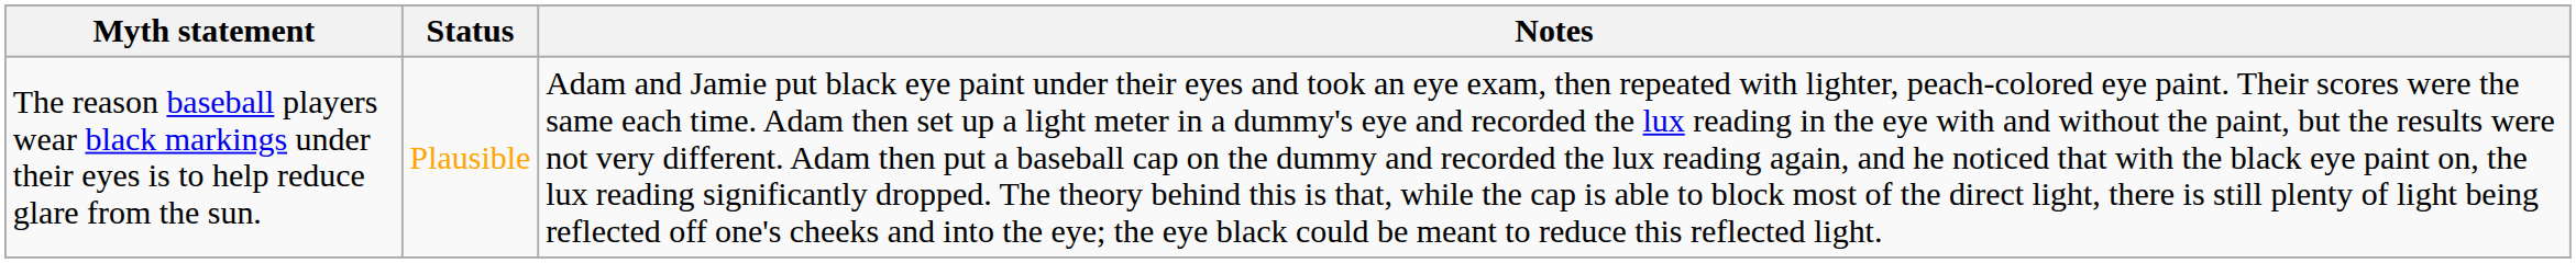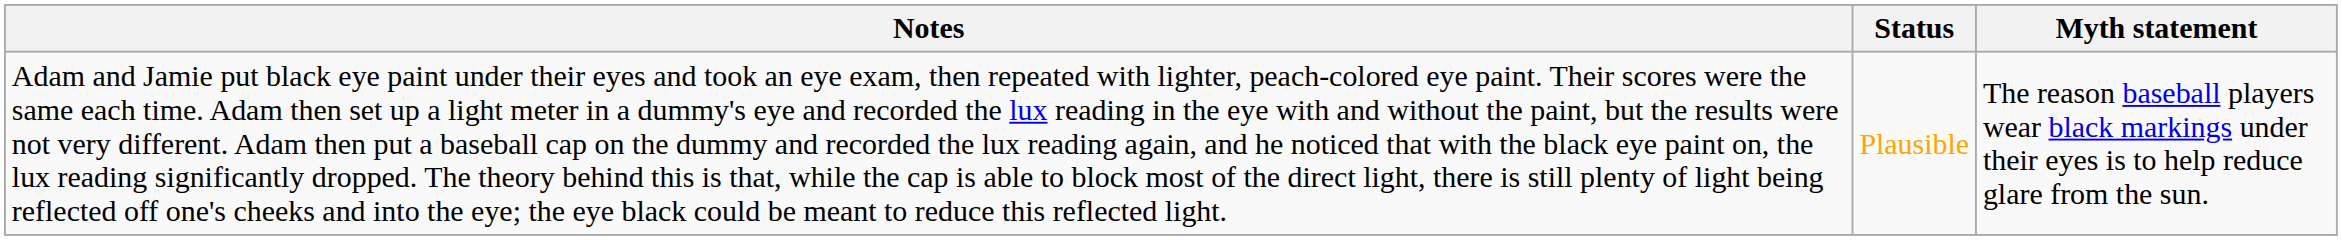 <table class="wikitable plainrowheaders">
 <tr>
+<th>Notes</th>
+<th>Status</th>
 <th>Myth statement</th>
-<th>Status</th>
-<th>Notes</th>
 </tr>
 <tr>
+<td>Adam and Jamie put black eye paint under their eyes and took an eye exam, then repeated with lighter, peach-colored eye paint. Their scores were the same each time. Adam then set up a light meter in a dummy's eye and recorded the <a href='#'>lux</a> reading in the eye with and without the paint, but the results were not very different. Adam then put a baseball cap on the dummy and recorded the lux reading again, and he noticed that with the black eye paint on, the lux reading significantly dropped. The theory behind this is that, while the cap is able to block most of the direct light, there is still plenty of light being reflected off one's cheeks and into the eye; the eye black could be meant to reduce this reflected light.</td>
+<td style="color:orange">Plausible</td>
 <td>The reason <a href='#'>baseball</a> players wear <a href='#'>black markings</a> under their eyes is to help reduce glare from the sun.</td>
-<td style="color:orange">Plausible</td>
-<td>Adam and Jamie put black eye paint under their eyes and took an eye exam, then repeated with lighter, peach-colored eye paint. Their scores were the same each time. Adam then set up a light meter in a dummy's eye and recorded the <a href='#'>lux</a> reading in the eye with and without the paint, but the results were not very different. Adam then put a baseball cap on the dummy and recorded the lux reading again, and he noticed that with the black eye paint on, the lux reading significantly dropped. The theory behind this is that, while the cap is able to block most of the direct light, there is still plenty of light being reflected off one's cheeks and into the eye; the eye black could be meant to reduce this reflected light.</td>
 </tr>
 </table>
